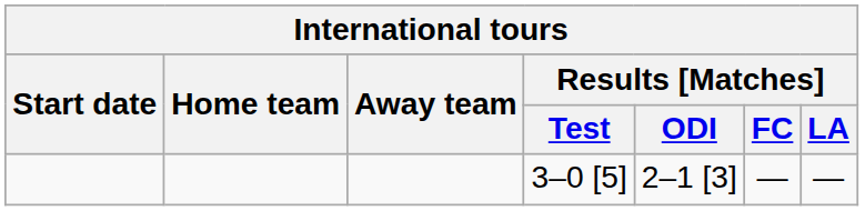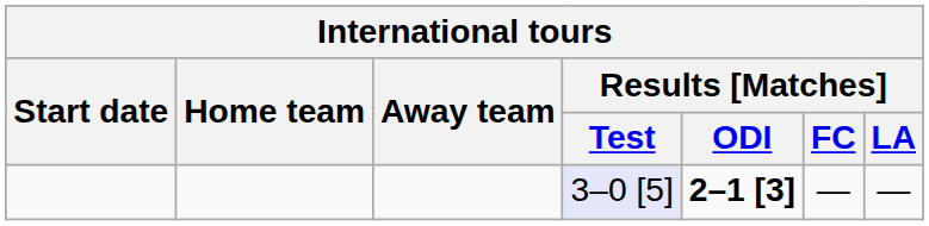 <table class="wikitable">
 <tr>
 <th colspan="7">International tours</th>
 </tr>
 <tr>
 <th rowspan="2">Start date</th>
 <th rowspan="2">Home team</th>
 <th rowspan="2">Away team</th>
 <th colspan="4">Results [Matches]</th>
 </tr>
 <tr>
 <th><a href='#'>Test</a></th>
 <th><a href='#'>ODI</a></th>
 <th><a href='#'>FC</a></th>
 <th><a href='#'>LA</a></th>
 </tr>
 <tr>
 <td><a href='#'></a></td>
 <td></td>
 <td></td>
-<td>3–0 [5]</td>
-<td>2–1 [3]</td>
+<td style="background: lavender;">3–0 [5]</td>
+<td><strong>2–1 [3]</strong></td>
 <td ; style="text-align:center">—</td>
 <td ; style="text-align:center">—</td>
 </tr>
 </table>
